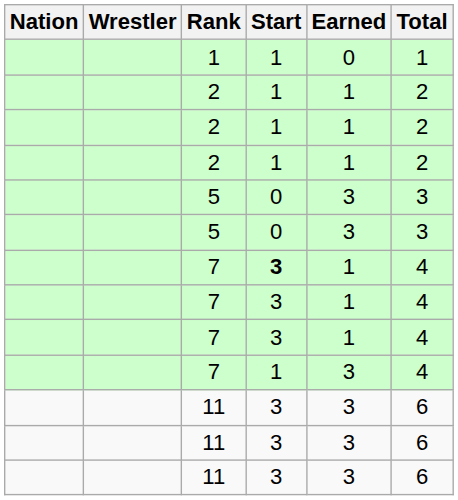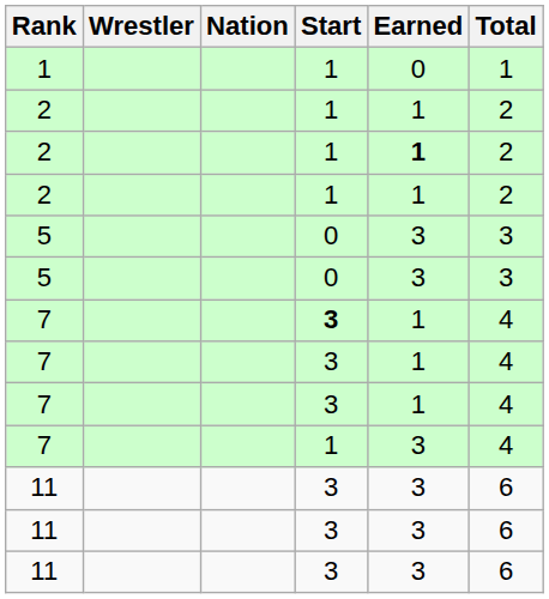 <table class="wikitable sortable" style="text-align:center;">
 <tr>
+<th>Rank</th>
+<th>Wrestler</th>
 <th>Nation</th>
-<th>Wrestler</th>
-<th>Rank</th>
 <th>Start</th>
 <th>Earned</th>
 <th>Total</th>
 </tr>
 <tr style="background:#cfc;">
+<td>1</td>
 <td align=left></td>
 <td align=left></td>
-<td>1</td>
 <td>1</td>
 <td>0</td>
 <td>1</td>
 </tr>
 <tr style="background:#cfc;">
+<td>2</td>
 <td align=left></td>
 <td align=left></td>
-<td>2</td>
 <td>1</td>
 <td>1</td>
 <td>2</td>
 </tr>
 <tr style="background:#cfc;">
+<td>2</td>
 <td align=left></td>
 <td align=left></td>
+<td>1</td>
+<td><strong>1</strong></td>
 <td>2</td>
+</tr>
+<tr style="background:#cfc;">
+<td>2</td>
+<td align=left></td>
+<td align=left></td>
 <td>1</td>
 <td>1</td>
 <td>2</td>
 </tr>
 <tr style="background:#cfc;">
+<td>5</td>
 <td align=left></td>
 <td align=left></td>
-<td>2</td>
-<td>1</td>
-<td>1</td>
-<td>2</td>
-</tr>
-<tr style="background:#cfc;">
-<td align=left></td>
-<td align=left></td>
-<td>5</td>
 <td>0</td>
 <td>3</td>
 <td>3</td>
 </tr>
 <tr style="background:#cfc;">
+<td>5</td>
 <td align=left></td>
 <td align=left></td>
-<td>5</td>
 <td>0</td>
 <td>3</td>
 <td>3</td>
 </tr>
 <tr style="background:#cfc;">
+<td>7</td>
 <td align=left></td>
 <td align=left></td>
-<td>7</td>
 <td><strong>3</strong></td>
 <td>1</td>
 <td>4</td>
 </tr>
 <tr style="background:#cfc;">
+<td>7</td>
 <td align=left></td>
 <td align=left></td>
-<td>7</td>
 <td>3</td>
 <td>1</td>
 <td>4</td>
 </tr>
 <tr style="background:#cfc;">
+<td>7</td>
 <td align=left></td>
 <td align=left></td>
-<td>7</td>
 <td>3</td>
 <td>1</td>
 <td>4</td>
 </tr>
 <tr style="background:#cfc;">
+<td>7</td>
 <td align=left></td>
 <td align=left></td>
-<td>7</td>
 <td>1</td>
 <td>3</td>
 <td>4</td>
 </tr>
 <tr>
+<td>11</td>
 <td align=left></td>
 <td align=left></td>
-<td>11</td>
 <td>3</td>
 <td>3</td>
 <td>6</td>
 </tr>
 <tr>
+<td>11</td>
 <td align=left></td>
 <td align=left></td>
-<td>11</td>
 <td>3</td>
 <td>3</td>
 <td>6</td>
 </tr>
 <tr>
+<td>11</td>
 <td align=left></td>
 <td align=left></td>
-<td>11</td>
 <td>3</td>
 <td>3</td>
 <td>6</td>
 </tr>
 </table>
